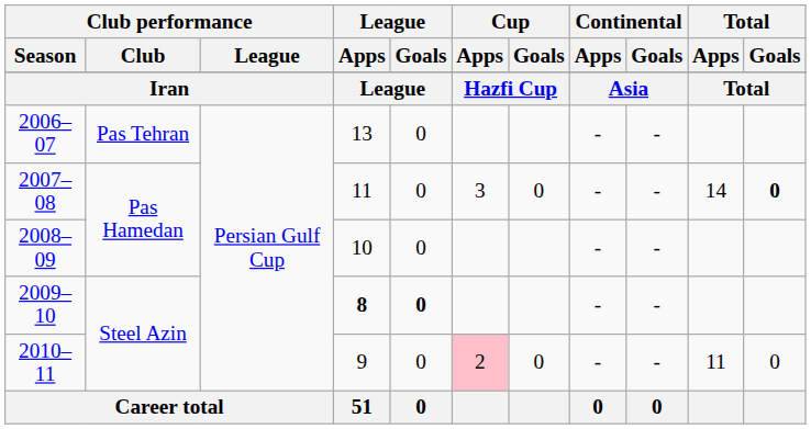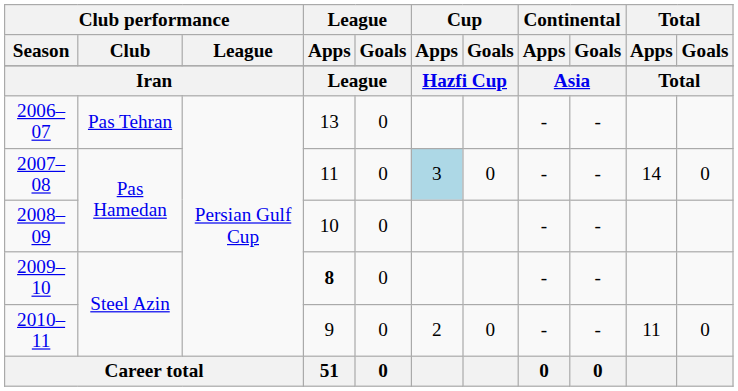 <table class="wikitable" style="text-align:center">
 <tr>
 <th colspan=3>Club performance</th>
 <th colspan=2>League</th>
 <th colspan=2>Cup</th>
 <th colspan=2>Continental</th>
 <th colspan=2>Total</th>
 </tr>
 <tr>
 <th>Season</th>
 <th>Club</th>
 <th>League</th>
 <th>Apps</th>
 <th>Goals</th>
 <th>Apps</th>
 <th>Goals</th>
 <th>Apps</th>
 <th>Goals</th>
 <th>Apps</th>
 <th>Goals</th>
 </tr>
 <tr>
 </tr>
 <tr>
 <th colspan=3>Iran</th>
 <th colspan=2>League</th>
 <th colspan=2><a href='#'>Hazfi Cup</a></th>
 <th colspan=2><a href='#'>Asia</a></th>
 <th colspan=2>Total</th>
 </tr>
 <tr>
 <td><a href='#'>2006–07</a></td>
 <td rowspan="1"><a href='#'>Pas Tehran</a></td>
 <td rowspan="5"><a href='#'>Persian Gulf Cup</a></td>
 <td>13</td>
 <td>0</td>
 <td></td>
 <td></td>
 <td>-</td>
 <td>-</td>
 <td></td>
 <td></td>
 </tr>
 <tr>
 <td><a href='#'>2007–08</a></td>
 <td rowspan="2"><a href='#'>Pas Hamedan</a></td>
 <td>11</td>
 <td>0</td>
-<td>3</td>
+<td style="background: lightblue;">3</td>
 <td>0</td>
 <td>-</td>
 <td>-</td>
 <td>14</td>
-<td><strong>0</strong></td>
+<td>0</td>
 </tr>
 <tr>
 <td><a href='#'>2008–09</a></td>
 <td>10</td>
 <td>0</td>
 <td></td>
 <td></td>
 <td>-</td>
 <td>-</td>
 <td></td>
 <td></td>
 </tr>
 <tr>
 <td><a href='#'>2009–10</a></td>
 <td rowspan="2"><a href='#'>Steel Azin</a></td>
 <td><strong>8</strong></td>
-<td><strong>0</strong></td>
+<td>0</td>
 <td></td>
 <td></td>
 <td>-</td>
 <td>-</td>
 <td></td>
 <td></td>
 </tr>
 <tr>
 <td><a href='#'>2010–11</a></td>
 <td>9</td>
 <td>0</td>
-<td style="background: pink;">2</td>
+<td>2</td>
 <td>0</td>
 <td>-</td>
 <td>-</td>
 <td>11</td>
 <td>0</td>
 </tr>
 <tr>
 <th colspan=3>Career total</th>
 <th>51</th>
 <th>0</th>
 <th></th>
 <th></th>
 <th>0</th>
 <th>0</th>
 <th></th>
 <th></th>
 </tr>
 </table>
